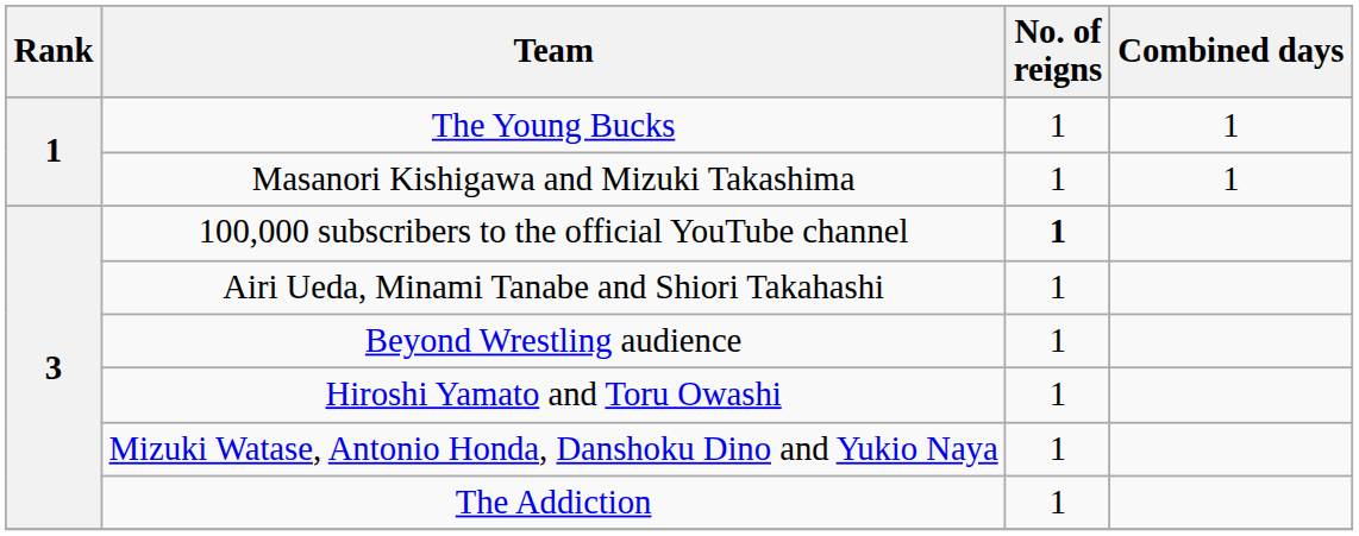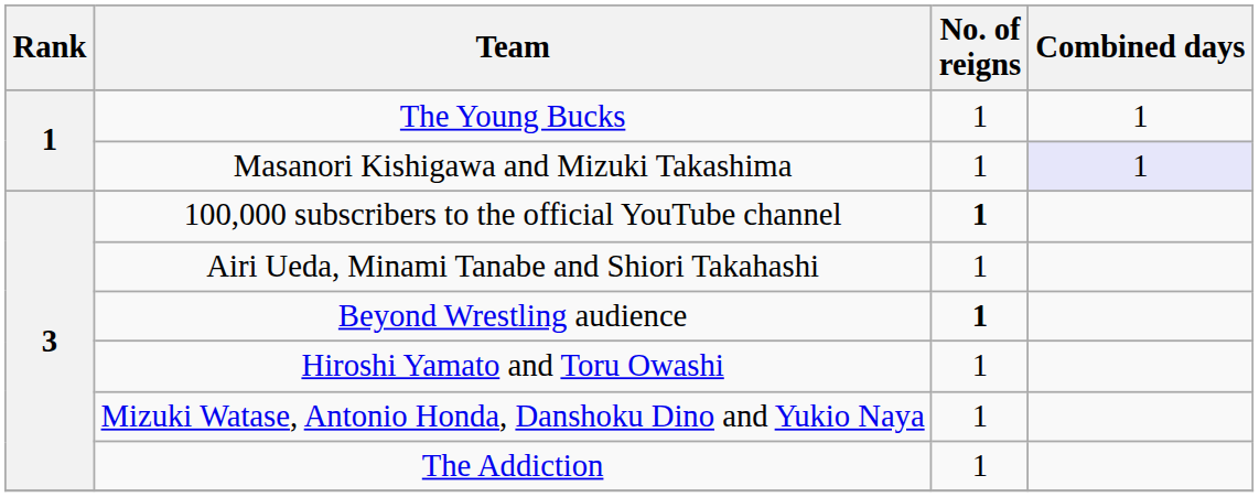 <table class="wikitable sortable" style="text-align:center">
 <tr>
 <th>Rank</th>
 <th>Team</th>
 <th>No. of<br>reigns</th>
 <th>Combined days</th>
 </tr>
 <tr>
 <th rowspan=2>1</th>
 <td><a href='#'>The Young Bucks</a><br></td>
 <td>1</td>
 <td>1</td>
 </tr>
 <tr>
 <td>Masanori Kishigawa and Mizuki Takashima</td>
 <td>1</td>
-<td>1</td>
+<td style="background: lavender;">1</td>
 </tr>
 <tr>
 <th rowspan=6>3</th>
 <td>100,000 subscribers to the official YouTube channel</td>
 <td><strong>1</strong></td>
 <td></td>
 </tr>
 <tr>
 <td>Airi Ueda, Minami Tanabe and Shiori Takahashi</td>
 <td>1</td>
 <td></td>
 </tr>
 <tr>
 <td><a href='#'>Beyond Wrestling</a> audience</td>
-<td>1</td>
+<td><strong>1</strong></td>
 <td></td>
 </tr>
 <tr>
 <td><a href='#'>Hiroshi Yamato</a> and <a href='#'>Toru Owashi</a></td>
 <td>1</td>
 <td></td>
 </tr>
 <tr>
 <td><a href='#'>Mizuki Watase</a>, <a href='#'>Antonio Honda</a>, <a href='#'>Danshoku Dino</a> and <a href='#'>Yukio Naya</a></td>
 <td>1</td>
 <td></td>
 </tr>
 <tr>
 <td><a href='#'>The Addiction</a><br></td>
 <td>1</td>
 <td></td>
 </tr>
 <tr>
 </tr>
 </table>
